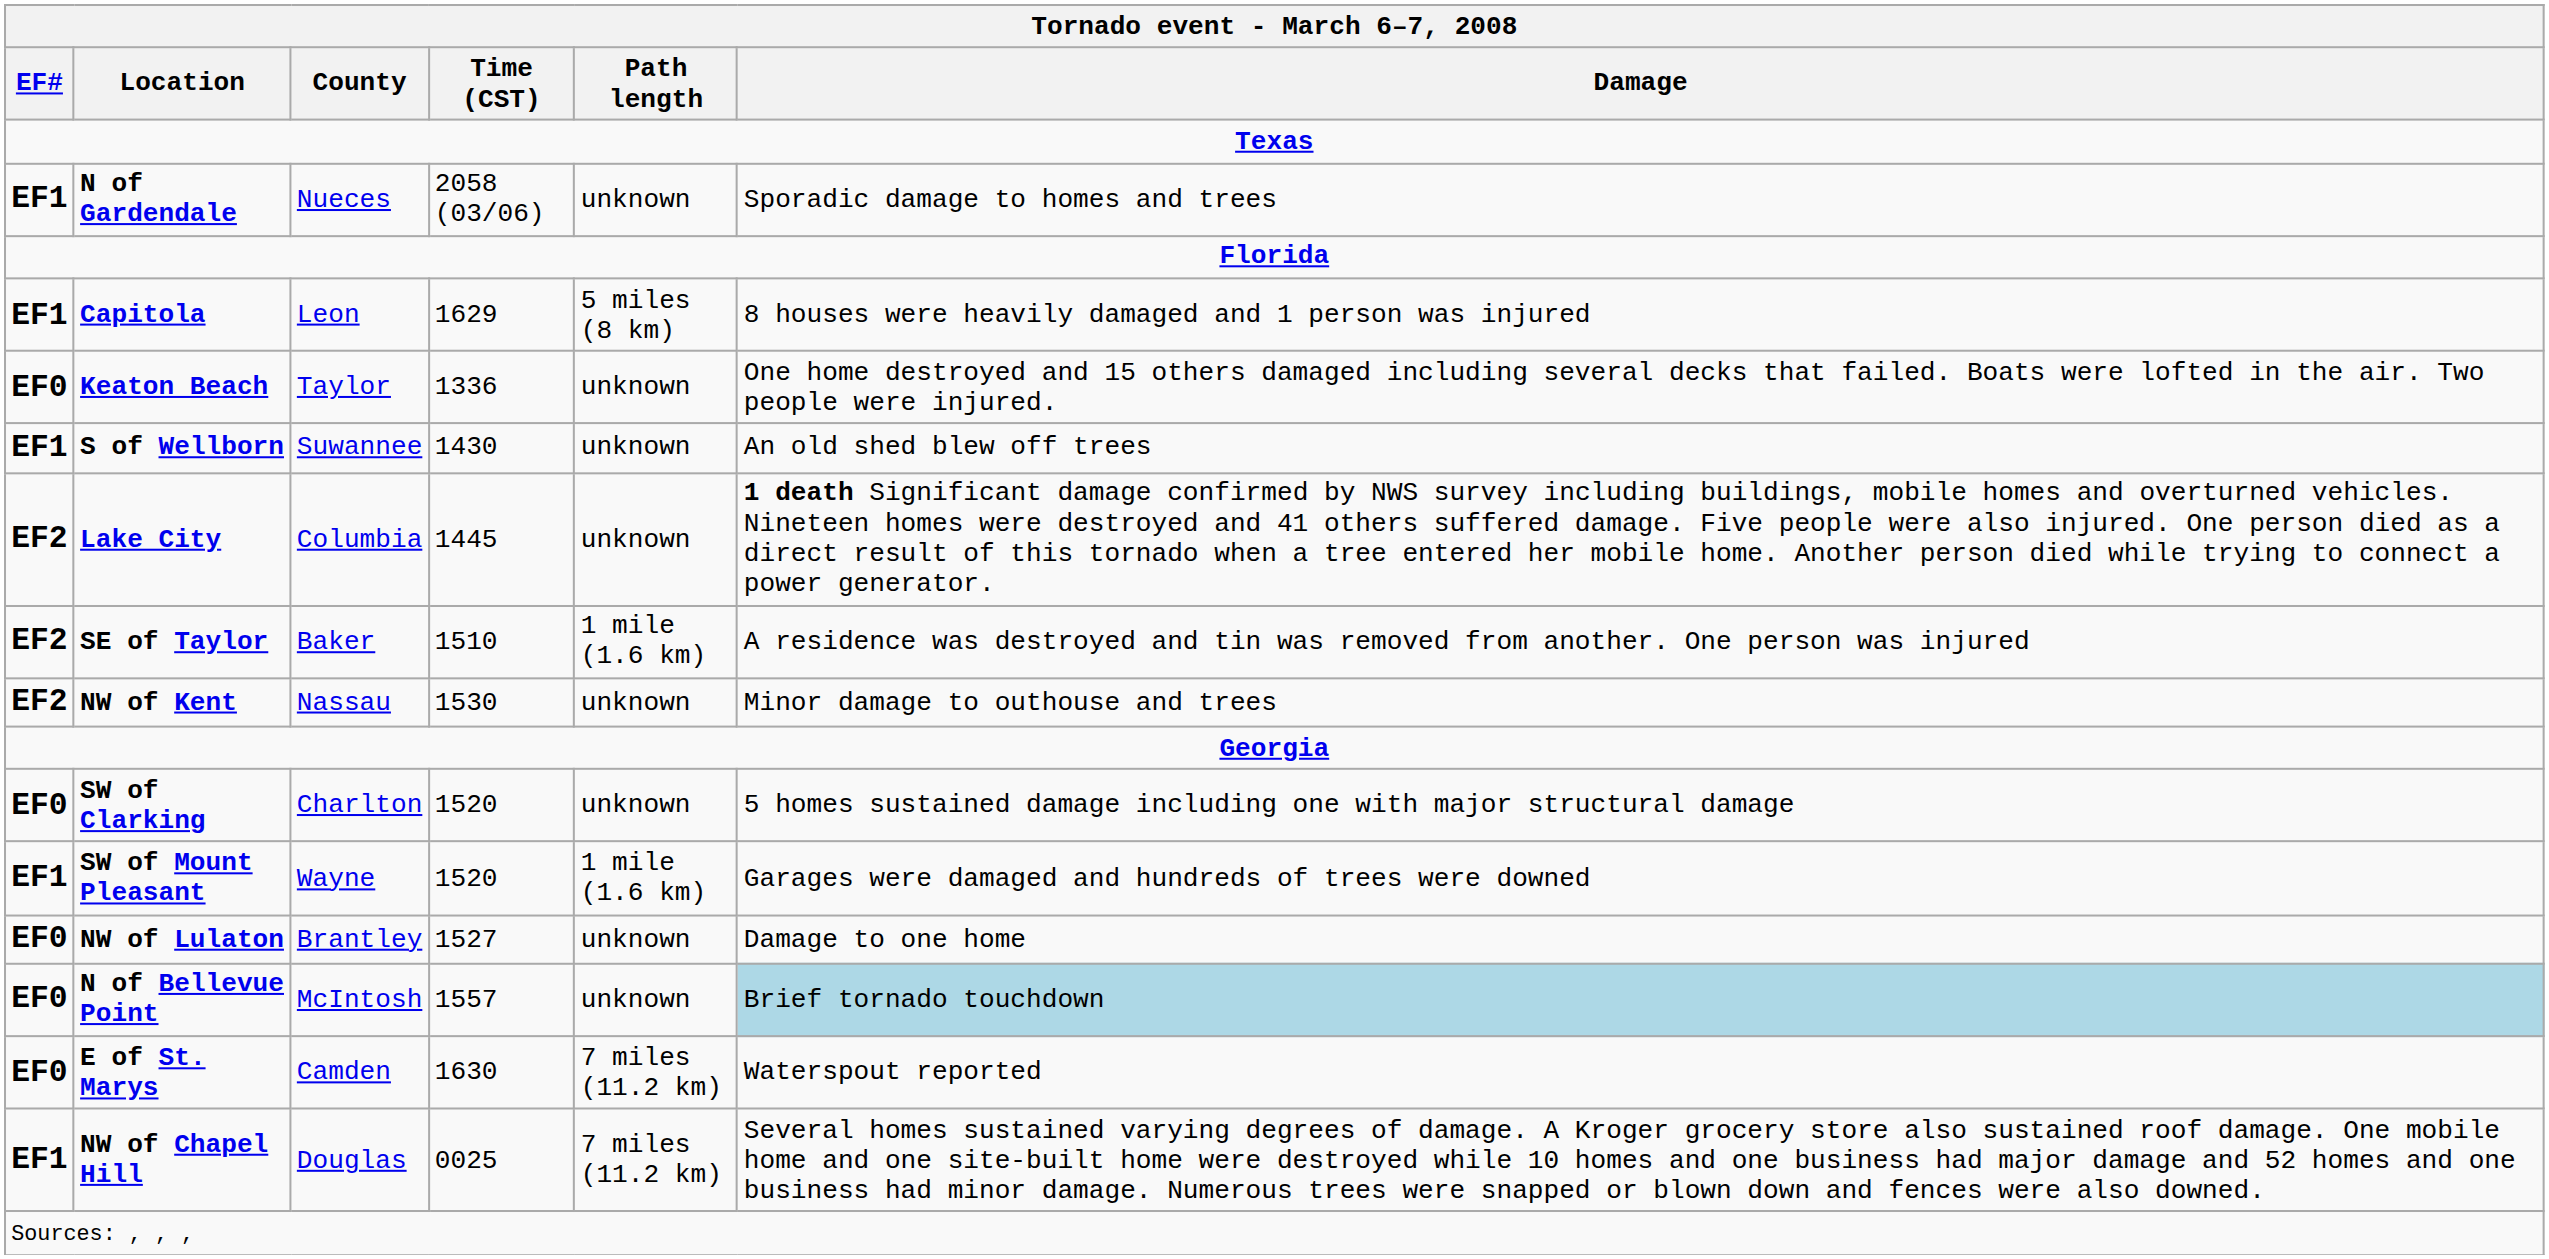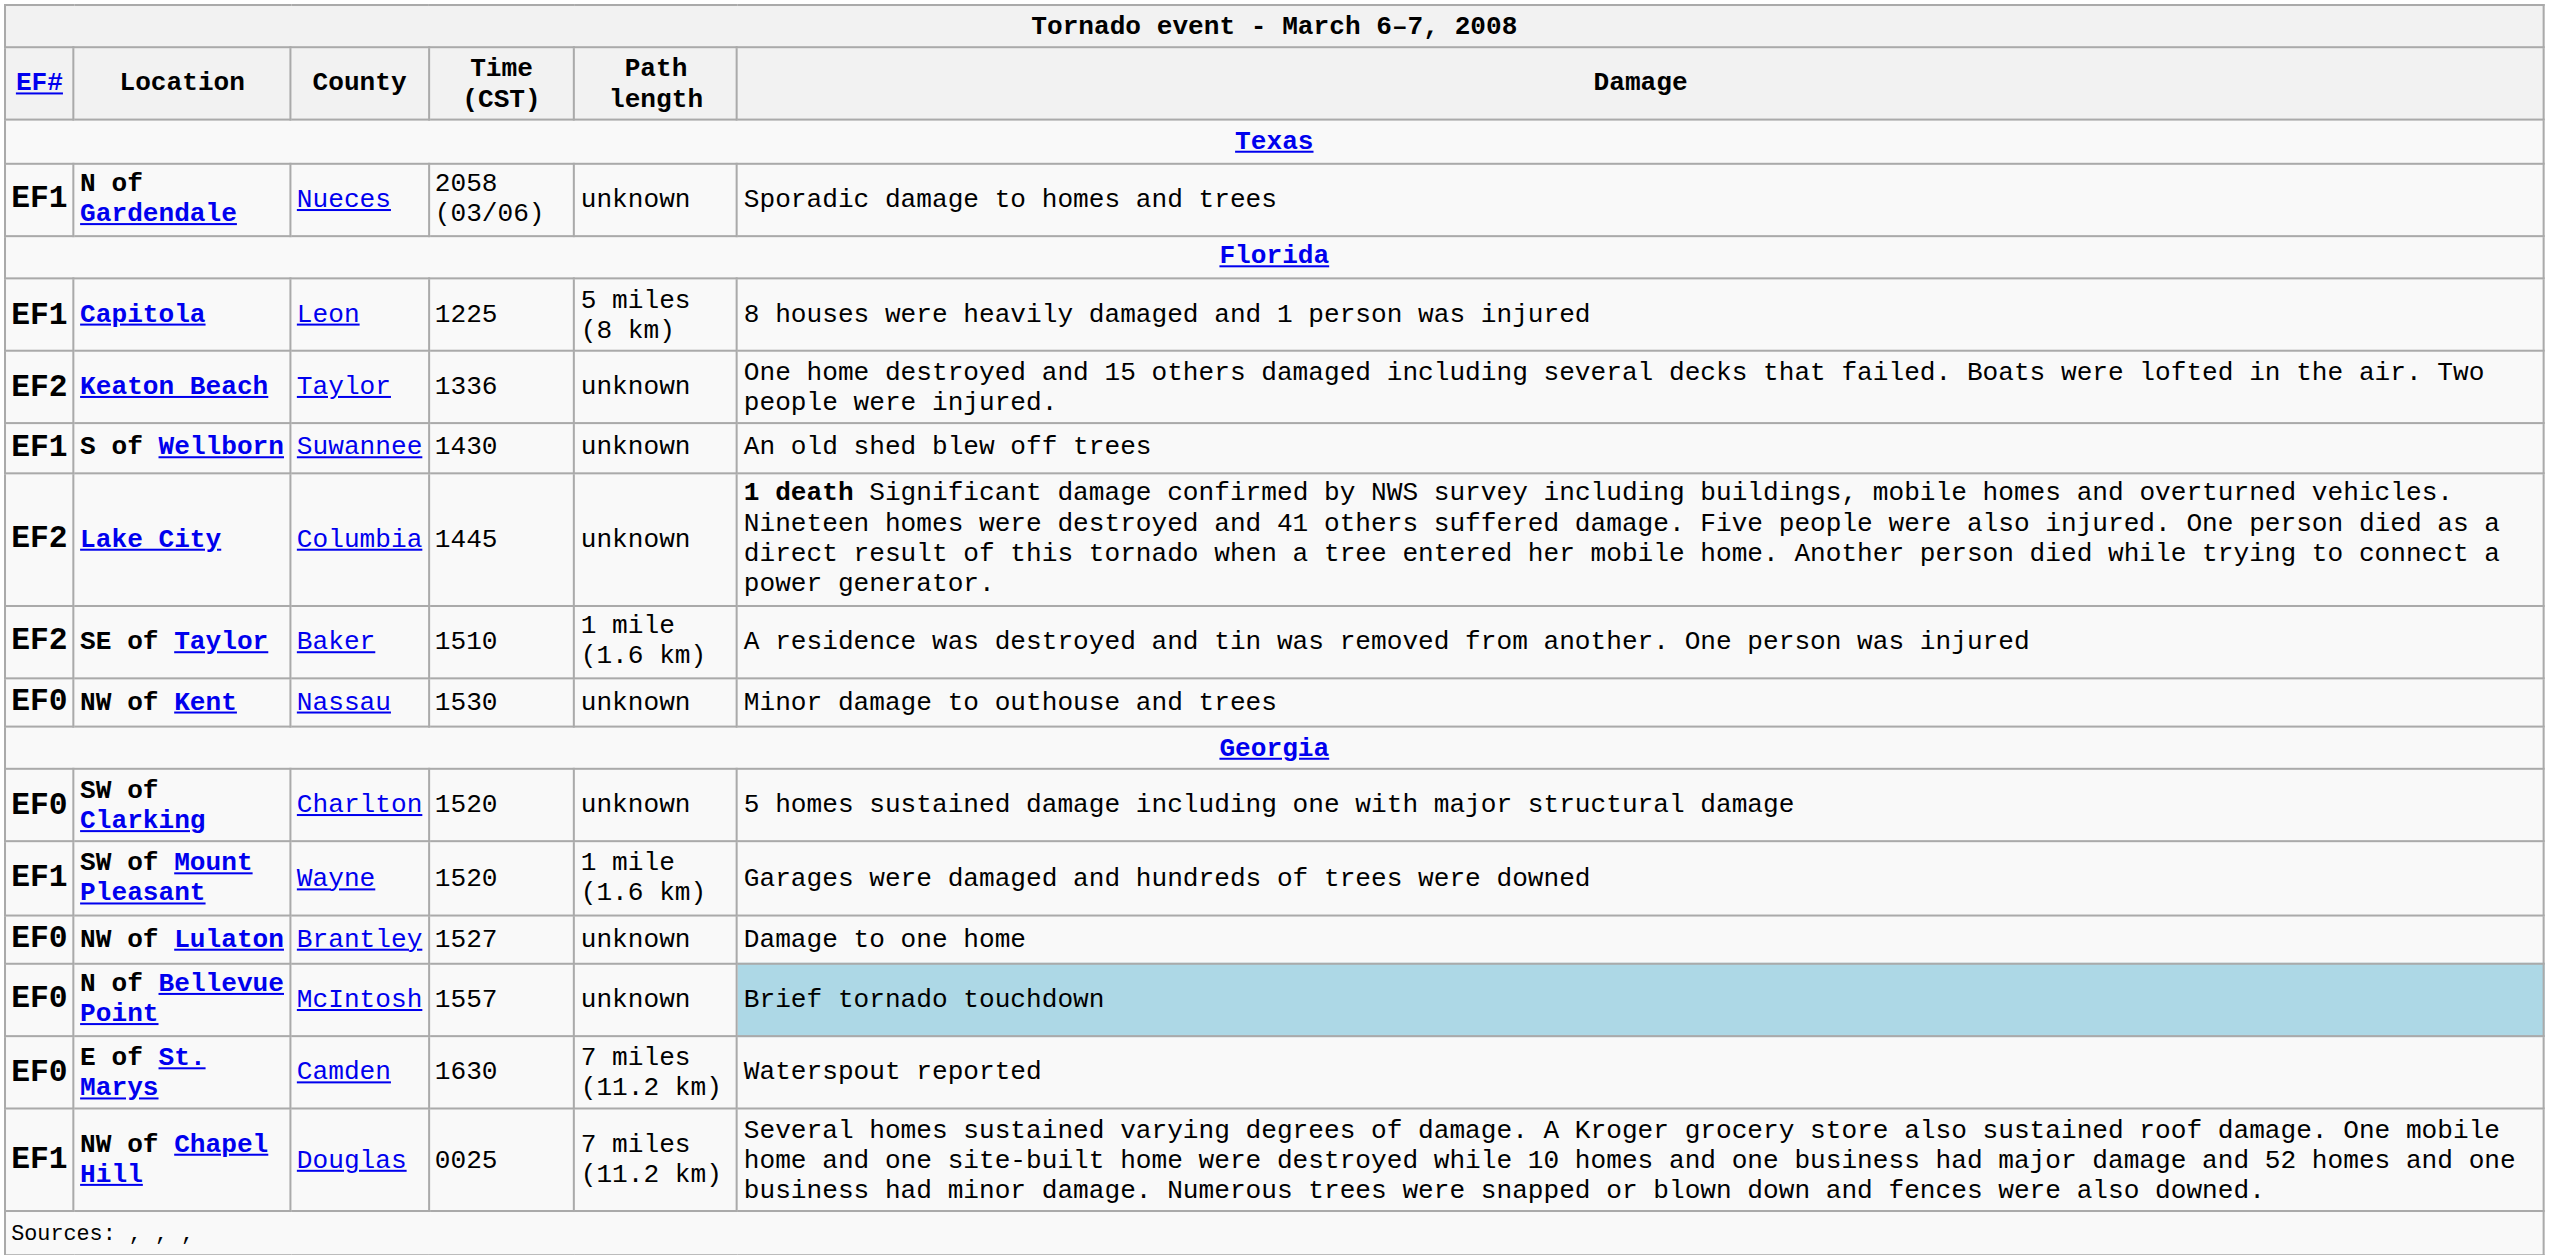 <table class="wikitable collapsible" width="100%">
 <tr>
 <th colspan="6">Tornado event - March 6–7, 2008</th>
 </tr>
 <tr>
 <th><a href='#'>EF#</a></th>
 <th>Location</th>
 <th>County</th>
 <th>Time (CST)</th>
 <th>Path length</th>
 <th>Damage</th>
 </tr>
 <tr>
 <td colspan="7" align=center><strong><a href='#'>Texas</a></strong></td>
 </tr>
 <tr>
 <td><big><strong>EF1</strong></big></td>
 <td><strong>N of <a href='#'>Gardendale</a></strong></td>
 <td><a href='#'>Nueces</a></td>
 <td>2058 (03/06)</td>
 <td>unknown</td>
 <td>Sporadic damage to homes and trees</td>
 </tr>
 <tr>
 <td colspan="7" align=center><strong><a href='#'>Florida</a></strong></td>
 </tr>
 <tr>
 <td><big><strong>EF1</strong></big></td>
 <td><strong><a href='#'>Capitola</a></strong></td>
 <td><a href='#'>Leon</a></td>
-<td>1629</td>
+<td>1225</td>
 <td>5 miles <br> (8 km)</td>
 <td>8 houses were heavily damaged and 1 person was injured</td>
 </tr>
 <tr>
-<td><big><strong>EF0</strong></big></td>
+<td><big><strong>EF2</strong></big></td>
 <td><strong><a href='#'>Keaton Beach</a></strong></td>
 <td><a href='#'>Taylor</a></td>
 <td>1336</td>
 <td>unknown</td>
 <td>One home destroyed and 15 others damaged including several decks that failed. Boats were lofted in the air. Two people were injured.</td>
 </tr>
 <tr>
 <td><big><strong>EF1</strong></big></td>
 <td><strong>S of <a href='#'>Wellborn</a></strong></td>
 <td><a href='#'>Suwannee</a></td>
 <td>1430</td>
 <td>unknown</td>
 <td>An old shed blew off trees</td>
 </tr>
 <tr>
 <td><big><strong>EF2</strong></big></td>
 <td><strong><a href='#'>Lake City</a></strong></td>
 <td><a href='#'>Columbia</a></td>
 <td>1445</td>
 <td>unknown</td>
 <td><strong>1 death</strong> Significant damage confirmed by NWS survey including buildings, mobile homes and overturned vehicles. Nineteen homes were destroyed and 41 others suffered damage. Five people were also injured. One person died as a direct result of this tornado when a tree entered her mobile home. Another person died while trying to connect a power generator.</td>
 </tr>
 <tr>
 <td><big><strong>EF2</strong></big></td>
 <td><strong>SE of <a href='#'>Taylor</a></strong></td>
 <td><a href='#'>Baker</a></td>
 <td>1510</td>
 <td>1 mile <br> (1.6 km)</td>
 <td>A residence was destroyed and tin was removed from another. One person was injured</td>
 </tr>
 <tr>
-<td><big><strong>EF2</strong></big></td>
+<td><big><strong>EF0</strong></big></td>
 <td><strong>NW of <a href='#'>Kent</a></strong></td>
 <td><a href='#'>Nassau</a></td>
 <td>1530</td>
 <td>unknown</td>
 <td>Minor damage to outhouse and trees</td>
 </tr>
 <tr>
 <td colspan="7" align=center><strong><a href='#'>Georgia</a></strong></td>
 </tr>
 <tr>
 <td><big><strong>EF0</strong></big></td>
 <td><strong>SW of <a href='#'>Clarking</a></strong></td>
 <td><a href='#'>Charlton</a></td>
 <td>1520</td>
 <td>unknown</td>
 <td>5 homes sustained damage including one with major structural damage</td>
 </tr>
 <tr>
 <td><big><strong>EF1</strong></big></td>
 <td><strong>SW of <a href='#'>Mount Pleasant</a></strong></td>
 <td><a href='#'>Wayne</a></td>
 <td>1520</td>
 <td>1 mile <br> (1.6 km)</td>
 <td>Garages were damaged and hundreds of trees were downed</td>
 </tr>
 <tr>
 <td><big><strong>EF0</strong></big></td>
 <td><strong>NW of <a href='#'>Lulaton</a></strong></td>
 <td><a href='#'>Brantley</a></td>
 <td>1527</td>
 <td>unknown</td>
 <td>Damage to one home</td>
 </tr>
 <tr>
 <td><big><strong>EF0</strong></big></td>
 <td><strong>N of <a href='#'>Bellevue Point</a></strong></td>
 <td><a href='#'>McIntosh</a></td>
 <td>1557</td>
 <td>unknown</td>
 <td style="background: lightblue;">Brief tornado touchdown</td>
 </tr>
 <tr>
 <td><big><strong>EF0</strong></big></td>
 <td><strong>E of <a href='#'>St. Marys</a></strong></td>
 <td><a href='#'>Camden</a></td>
 <td>1630</td>
 <td>7 miles <br> (11.2 km)</td>
 <td>Waterspout reported</td>
 </tr>
 <tr>
 <td><big><strong>EF1</strong></big></td>
 <td><strong>NW of <a href='#'>Chapel Hill</a></strong></td>
 <td><a href='#'>Douglas</a></td>
 <td>0025</td>
 <td>7 miles <br> (11.2 km)</td>
 <td>Several homes sustained varying degrees of damage. A Kroger grocery store also sustained roof damage. One mobile home and one site-built home were destroyed while 10 homes and one business had major damage and 52 homes and one business had minor damage. Numerous trees were snapped or blown down and fences were also downed.</td>
 </tr>
 <tr>
 <td colspan="7"><small>Sources: , , , </small></td>
 </tr>
 </table>
